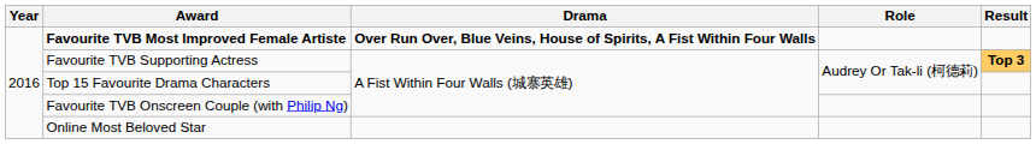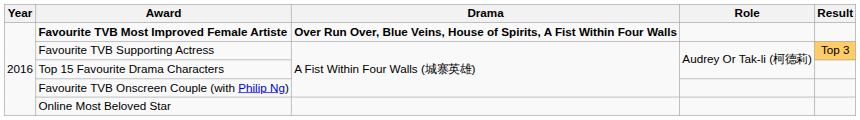 <table class="wikitable">
 <tr>
 <th>Year</th>
 <th>Award</th>
 <th>Drama</th>
 <th>Role</th>
 <th>Result</th>
 </tr>
 <tr>
 <td rowspan="5">2016</td>
 <td><strong>Favourite TVB Most Improved Female Artiste</strong></td>
 <td><strong>Over Run Over, Blue Veins, House of Spirits, A Fist Within Four Walls</strong></td>
 <td></td>
 <td></td>
 </tr>
 <tr>
 <td>Favourite TVB Supporting Actress</td>
 <td rowspan="3">A Fist Within Four Walls (城寨英雄)</td>
 <td rowspan="2">Audrey Or Tak-li (柯德莉)</td>
-<td style="background-color:#ffcc66; text-align:center;"><strong>Top 3</strong></td>
+<td style="background-color:#ffcc66; text-align:center;">Top 3</td>
 </tr>
 <tr>
 <td>Top 15 Favourite Drama Characters</td>
 <td></td>
 </tr>
 <tr>
 <td>Favourite TVB Onscreen Couple (with <a href='#'>Philip Ng</a>)</td>
 <td></td>
 <td></td>
 </tr>
 <tr>
 <td>Online Most Beloved Star</td>
 <td></td>
 <td></td>
 <td></td>
 </tr>
 </table>
